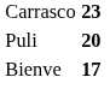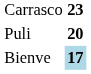 <table style="font-size: 90%; border-collapse:collapse" border=0 cellspacing=0 cellpadding=2>
 <tr bgcolor=#DCDCDC>
 </tr>
 <tr>
 <td>Carrasco</td>
 <td Sanluqueño><strong>23</strong></td>
 </tr>
 <tr>
 <td>Puli</td>
 <td San Fernando><strong>20</strong></td>
 </tr>
 <tr>
 <td>Bienve</td>
-<td Cádiz B><strong>17</strong></td>
+<td Cádiz B style="background: lightblue;"><strong>17</strong></td>
 </tr>
 </table>
